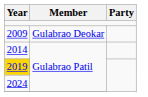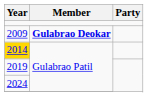 <table class="wikitable">
 <tr>
 <th>Year</th>
 <th>Member</th>
 <th colspan=2>Party</th>
 </tr>
 <tr>
 <td colspan="4"></td>
 </tr>
 <tr>
 <td><a href='#'>2009</a></td>
-<td><a href='#'>Gulabrao Deokar</a></td>
+<td><strong><a href='#'>Gulabrao Deokar</a></strong></td>
 <td></td>
 </tr>
 <tr>
-<td><a href='#'>2014</a></td>
+<td style="background: gold;"><a href='#'>2014</a></td>
 <td rowspan=3><a href='#'>Gulabrao Patil</a></td>
 <td></td>
 </tr>
 <tr>
-<td style="background: gold;"><a href='#'>2019</a></td>
+<td><a href='#'>2019</a></td>
 </tr>
 <tr>
 <td><a href='#'>2024</a></td>
 </tr>
 <tr>
 </tr>
 </table>
